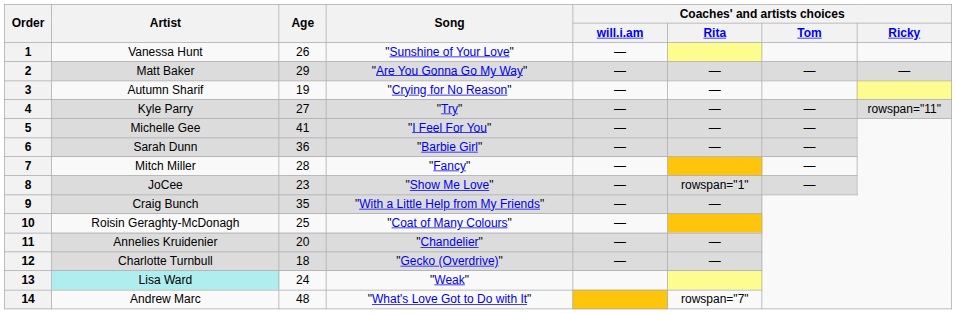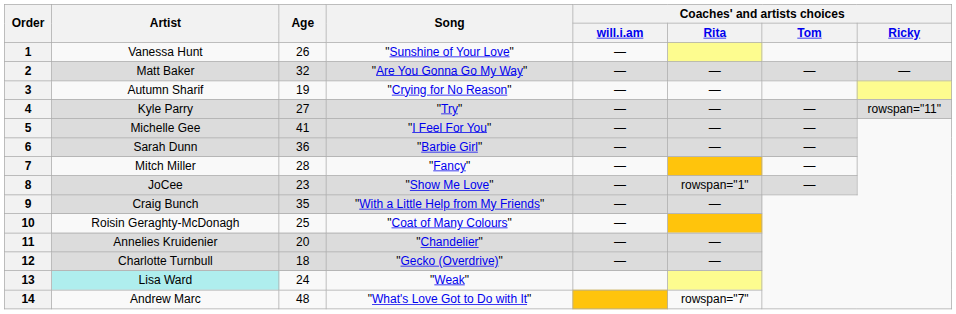 <table class="wikitable" style="text-align:center; width:100%;">
 <tr>
 <th scope="col" rowspan="2" style="width:05%;">Order</th>
 <th scope="col" rowspan="2" style="width:24%;">Artist</th>
 <th scope="col" rowspan="2" style="width:05%;">Age</th>
 <th scope="col" rowspan="2" style="width:26%;">Song</th>
 <th colspan="4" style="width:40%;">Coaches' and artists choices</th>
 </tr>
 <tr>
 <th style="width:10%;"><a href='#'>will.i.am</a></th>
 <th style="width:10%;"><a href='#'>Rita</a></th>
 <th style="width:10%;"><a href='#'>Tom</a></th>
 <th style="width:10%;"><a href='#'>Ricky</a></th>
 </tr>
 <tr>
 <th scope="col">1</th>
 <td>Vanessa Hunt</td>
 <td>26</td>
 <td>"<a href='#'>Sunshine of Your Love</a>"</td>
 <td>—</td>
 <td style="background:#fdfc8f;text-align:center;"><strong></strong></td>
 <td><strong></strong></td>
 <td><strong></strong></td>
 </tr>
 <tr style="background:#DCDCDC">
 <th scope="col">2</th>
 <td style="background:#DCDCDC; text-align:center;">Matt Baker</td>
-<td style="background:#DCDCDC; text-align:center;">29</td>
+<td style="background:#DCDCDC; text-align:center;">32</td>
 <td style="background:#DCDCDC; text-align:center;">"<a href='#'>Are You Gonna Go My Way</a>"</td>
 <td>—</td>
 <td>—</td>
 <td>—</td>
 <td>—</td>
 </tr>
 <tr>
 <th scope="col">3</th>
 <td>Autumn Sharif</td>
 <td>19</td>
 <td>"<a href='#'>Crying for No Reason</a>"</td>
 <td>—</td>
 <td>—</td>
 <td><strong></strong></td>
 <td style="background:#fdfc8f;text-align:center;"><strong></strong></td>
 </tr>
 <tr style="background:#DCDCDC">
 <th scope="col">4</th>
 <td style="background:#DCDCDC; text-align:center;">Kyle Parry</td>
 <td style="background:#DCDCDC; text-align:center;">27</td>
 <td style="background:#DCDCDC; text-align:center;">"<a href='#'>Try</a>"</td>
 <td>—</td>
 <td>—</td>
 <td>—</td>
 <td>rowspan="11" </td>
 </tr>
 <tr style="background:#DCDCDC">
 <th scope="col">5</th>
 <td style="background:#DCDCDC; text-align:center;">Michelle Gee</td>
 <td style="background:#DCDCDC; text-align:center;">41</td>
 <td style="background:#DCDCDC; text-align:center;">"<a href='#'>I Feel For You</a>"</td>
 <td>—</td>
 <td>—</td>
 <td>—</td>
 </tr>
 <tr style="background:#DCDCDC">
 <th scope="col">6</th>
 <td style="background:#DCDCDC; text-align:center;">Sarah Dunn</td>
 <td style="background:#DCDCDC; text-align:center;">36</td>
 <td style="background:#DCDCDC; text-align:center;">"<a href='#'>Barbie Girl</a>"</td>
 <td>—</td>
 <td>—</td>
 <td>—</td>
 </tr>
 <tr>
 <th scope="col">7</th>
 <td>Mitch Miller</td>
 <td>28</td>
 <td>"<a href='#'>Fancy</a>"</td>
 <td>—</td>
 <td style="background:#FFC40C;text-align:center;"><strong></strong></td>
 <td>—</td>
 </tr>
 <tr style="background:#DCDCDC">
 <th scope="col">8</th>
 <td style="background:#DCDCDC; text-align:center;">JoCee</td>
 <td style="background:#DCDCDC; text-align:center;">23</td>
 <td style="background:#DCDCDC; text-align:center;">"<a href='#'>Show Me Love</a>"</td>
 <td>—</td>
 <td>rowspan="1" </td>
 <td>—</td>
 </tr>
 <tr style="background:#DCDCDC">
 <th scope="col">9</th>
 <td style="background:#DCDCDC; text-align:center;">Craig Bunch</td>
 <td style="background:#DCDCDC; text-align:center;">35</td>
 <td style="background:#DCDCDC; text-align:center;">"<a href='#'>With a Little Help from My Friends</a>"</td>
 <td>—</td>
 <td>—</td>
 </tr>
 <tr>
 <th scope="col">10</th>
 <td>Roisin Geraghty-McDonagh</td>
 <td>25</td>
 <td>"<a href='#'>Coat of Many Colours</a>"</td>
 <td>—</td>
 <td style="background:#FFC40C;text-align:center;"><strong></strong></td>
 </tr>
 <tr style="background:#DCDCDC">
 <th scope="col">11</th>
 <td style="background:#DCDCDC; text-align:center;">Annelies Kruidenier</td>
 <td style="background:#DCDCDC; text-align:center;">20</td>
 <td style="background:#DCDCDC; text-align:center;">"<a href='#'>Chandelier</a>"</td>
 <td>—</td>
 <td>—</td>
 </tr>
 <tr style="background:#DCDCDC">
 <th scope="col">12</th>
 <td style="background:#DCDCDC; text-align:center;">Charlotte Turnbull</td>
 <td style="background:#DCDCDC; text-align:center;">18</td>
 <td style="background:#DCDCDC; text-align:center;">"<a href='#'>Gecko (Overdrive)</a>"</td>
 <td>—</td>
 <td>—</td>
 </tr>
 <tr>
 <th scope="col">13</th>
 <td style="background: paleturquoise;">Lisa Ward</td>
 <td>24</td>
 <td>"<a href='#'>Weak</a>"</td>
 <td><strong></strong></td>
 <td style="background:#fdfc8f;text-align:center;"><strong></strong></td>
 </tr>
 <tr>
 <th scope="col">14</th>
 <td>Andrew Marc</td>
 <td>48</td>
 <td>"<a href='#'>What's Love Got to Do with It</a>"</td>
 <td style="background:#FFC40C;text-align:center;"><strong></strong></td>
 <td>rowspan="7" </td>
 </tr>
 </table>
